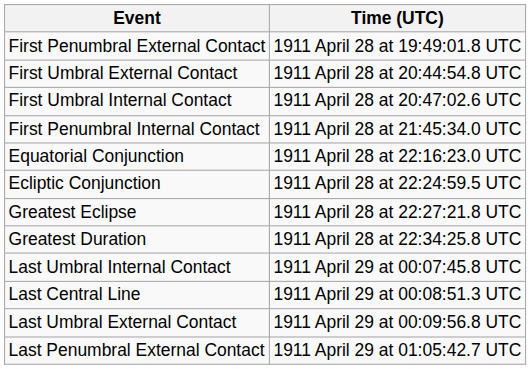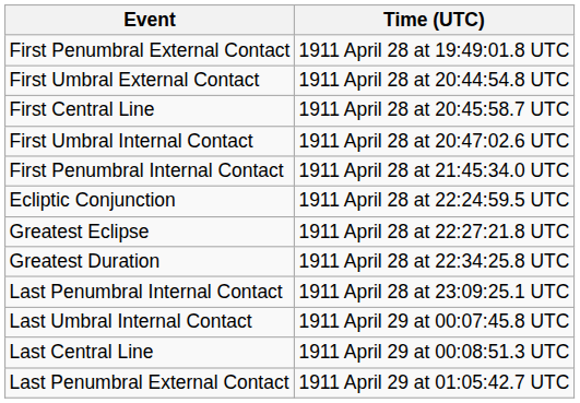 <table class="wikitable">
 <tr>
 <th>Event</th>
 <th>Time (UTC)</th>
 </tr>
 <tr>
 <td>First Penumbral External Contact</td>
 <td>1911 April 28 at 19:49:01.8 UTC</td>
 </tr>
 <tr>
 <td>First Umbral External Contact</td>
 <td>1911 April 28 at 20:44:54.8 UTC</td>
 </tr>
 <tr>
+<td>First Central Line</td>
+<td>1911 April 28 at 20:45:58.7 UTC</td>
+</tr>
+<tr>
 <td>First Umbral Internal Contact</td>
 <td>1911 April 28 at 20:47:02.6 UTC</td>
 </tr>
 <tr>
 <td>First Penumbral Internal Contact</td>
 <td>1911 April 28 at 21:45:34.0 UTC</td>
-</tr>
-<tr>
-<td>Equatorial Conjunction</td>
-<td>1911 April 28 at 22:16:23.0 UTC</td>
 </tr>
 <tr>
 <td>Ecliptic Conjunction</td>
 <td>1911 April 28 at 22:24:59.5 UTC</td>
 </tr>
 <tr>
 <td>Greatest Eclipse</td>
 <td>1911 April 28 at 22:27:21.8 UTC</td>
 </tr>
 <tr>
 <td>Greatest Duration</td>
 <td>1911 April 28 at 22:34:25.8 UTC</td>
 </tr>
 <tr>
+<td>Last Penumbral Internal Contact</td>
+<td>1911 April 28 at 23:09:25.1 UTC</td>
+</tr>
+<tr>
 <td>Last Umbral Internal Contact</td>
 <td>1911 April 29 at 00:07:45.8 UTC</td>
 </tr>
 <tr>
 <td>Last Central Line</td>
 <td>1911 April 29 at 00:08:51.3 UTC</td>
 </tr>
 <tr>
-<td>Last Umbral External Contact</td>
-<td>1911 April 29 at 00:09:56.8 UTC</td>
-</tr>
-<tr>
 <td>Last Penumbral External Contact</td>
 <td>1911 April 29 at 01:05:42.7 UTC</td>
 </tr>
 </table>
